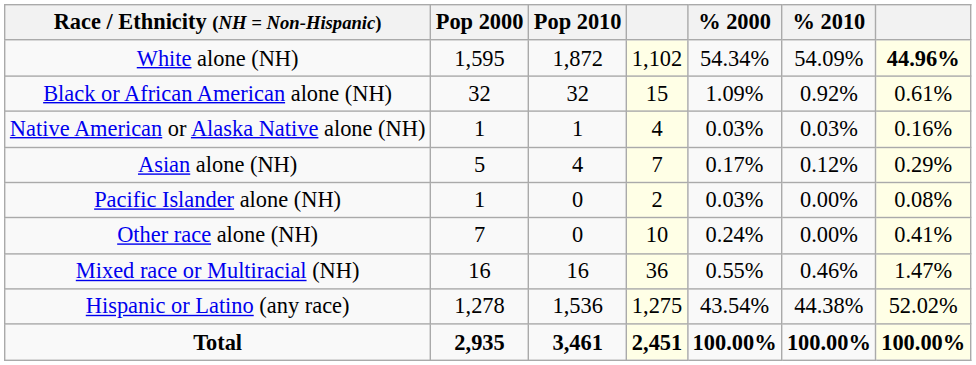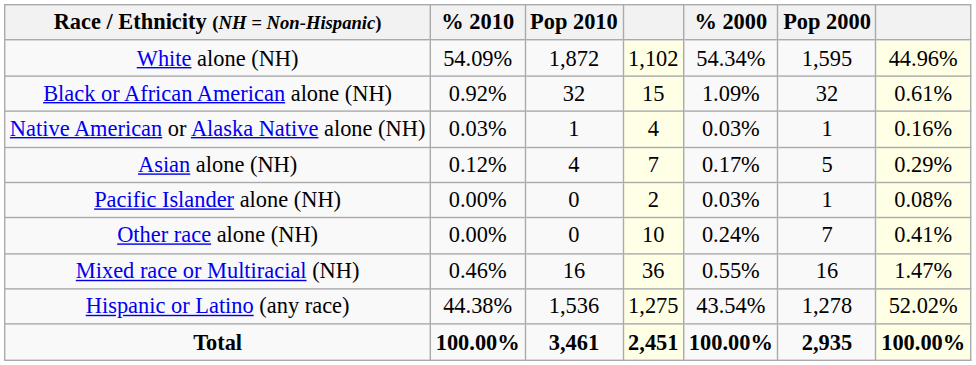 <table class="wikitable" style="text-align:center;">
 <tr>
 <th>Race / Ethnicity <small>(<em>NH = Non-Hispanic</em>)</small></th>
-<th>Pop 2000</th>
+<th>% 2010</th>
 <th>Pop 2010</th>
 <th></th>
 <th>% 2000</th>
-<th>% 2010</th>
+<th>Pop 2000</th>
 <th></th>
 </tr>
 <tr>
 <td><a href='#'>White</a> alone (NH)</td>
-<td>1,595</td>
+<td>54.09%</td>
 <td>1,872</td>
 <td style='background: #ffffe6;'>1,102</td>
 <td>54.34%</td>
-<td>54.09%</td>
-<td style='background: #ffffe6;'><strong>44.96%</strong></td>
+<td>1,595</td>
+<td style='background: #ffffe6;'>44.96%</td>
 </tr>
 <tr>
 <td><a href='#'>Black or African American</a> alone (NH)</td>
-<td>32</td>
+<td>0.92%</td>
 <td>32</td>
 <td style='background: #ffffe6;'>15</td>
 <td>1.09%</td>
-<td>0.92%</td>
+<td>32</td>
 <td style='background: #ffffe6;'>0.61%</td>
 </tr>
 <tr>
 <td><a href='#'>Native American</a> or <a href='#'>Alaska Native</a> alone (NH)</td>
-<td>1</td>
+<td>0.03%</td>
 <td>1</td>
 <td style='background: #ffffe6;'>4</td>
 <td>0.03%</td>
-<td>0.03%</td>
+<td>1</td>
 <td style='background: #ffffe6;'>0.16%</td>
 </tr>
 <tr>
 <td><a href='#'>Asian</a> alone (NH)</td>
-<td>5</td>
+<td>0.12%</td>
 <td>4</td>
 <td style='background: #ffffe6;'>7</td>
 <td>0.17%</td>
-<td>0.12%</td>
+<td>5</td>
 <td style='background: #ffffe6;'>0.29%</td>
 </tr>
 <tr>
 <td><a href='#'>Pacific Islander</a> alone (NH)</td>
-<td>1</td>
+<td>0.00%</td>
 <td>0</td>
 <td style='background: #ffffe6;'>2</td>
 <td>0.03%</td>
-<td>0.00%</td>
+<td>1</td>
 <td style='background: #ffffe6;'>0.08%</td>
 </tr>
 <tr>
 <td><a href='#'>Other race</a> alone (NH)</td>
-<td>7</td>
+<td>0.00%</td>
 <td>0</td>
 <td style='background: #ffffe6;'>10</td>
 <td>0.24%</td>
-<td>0.00%</td>
+<td>7</td>
 <td style='background: #ffffe6;'>0.41%</td>
 </tr>
 <tr>
 <td><a href='#'>Mixed race or Multiracial</a> (NH)</td>
-<td>16</td>
+<td>0.46%</td>
 <td>16</td>
 <td style='background: #ffffe6;'>36</td>
 <td>0.55%</td>
-<td>0.46%</td>
+<td>16</td>
 <td style='background: #ffffe6;'>1.47%</td>
 </tr>
 <tr>
 <td><a href='#'>Hispanic or Latino</a> (any race)</td>
-<td>1,278</td>
+<td>44.38%</td>
 <td>1,536</td>
 <td style='background: #ffffe6;'>1,275</td>
 <td>43.54%</td>
-<td>44.38%</td>
+<td>1,278</td>
 <td style='background: #ffffe6;'>52.02%</td>
 </tr>
 <tr>
 <td><strong>Total</strong></td>
-<td><strong>2,935</strong></td>
+<td><strong>100.00%</strong></td>
 <td><strong>3,461</strong></td>
 <td style='background: #ffffe6;'><strong>2,451</strong></td>
 <td><strong>100.00%</strong></td>
-<td><strong>100.00%</strong></td>
+<td><strong>2,935</strong></td>
 <td style='background: #ffffe6;'><strong>100.00%</strong></td>
 </tr>
 </table>
